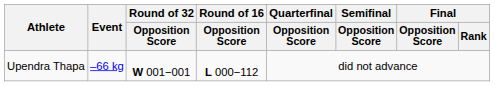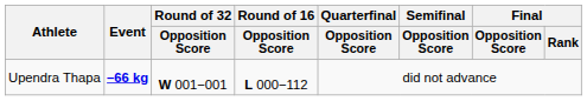 <table class=wikitable style=font-size:90%;text-align:center>
 <tr>
 <th rowspan=2>Athlete</th>
 <th rowspan=2>Event</th>
 <th>Round of 32</th>
 <th>Round of 16</th>
 <th>Quarterfinal</th>
 <th>Semifinal</th>
 <th colspan=2>Final</th>
 </tr>
 <tr style=font-size:95%>
 <th>Opposition<br>Score</th>
 <th>Opposition<br>Score</th>
 <th>Opposition<br>Score</th>
 <th>Opposition<br>Score</th>
 <th>Opposition<br>Score</th>
 <th>Rank</th>
 </tr>
 <tr>
 <td align=left>Upendra Thapa</td>
-<td align=left><a href='#'>–66 kg</a></td>
+<td align=left><strong><a href='#'>–66 kg</a></strong></td>
 <td><br><strong>W</strong> 001−001</td>
 <td><br><strong>L</strong> 000−112</td>
 <td colspan=4>did not advance</td>
 </tr>
 </table>
